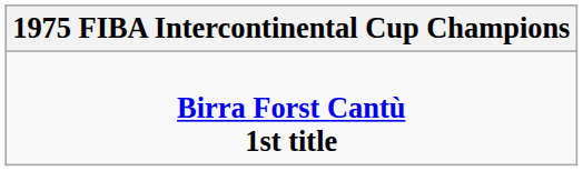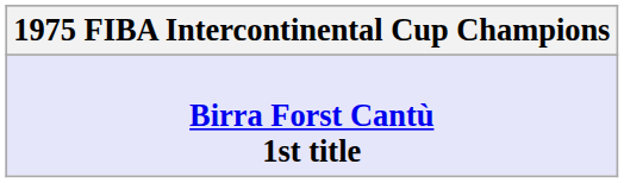 <table class=wikitable style="text-align:center; margin:auto">
 <tr>
 <th>1975 FIBA Intercontinental Cup Champions</th>
 </tr>
 <tr>
-<td><br> <strong><a href='#'>Birra Forst Cantù</a></strong> <br> <strong>1st title</strong></td>
+<td style="background: lavender;"><br> <strong><a href='#'>Birra Forst Cantù</a></strong> <br> <strong>1st title</strong></td>
 </tr>
 </table>
